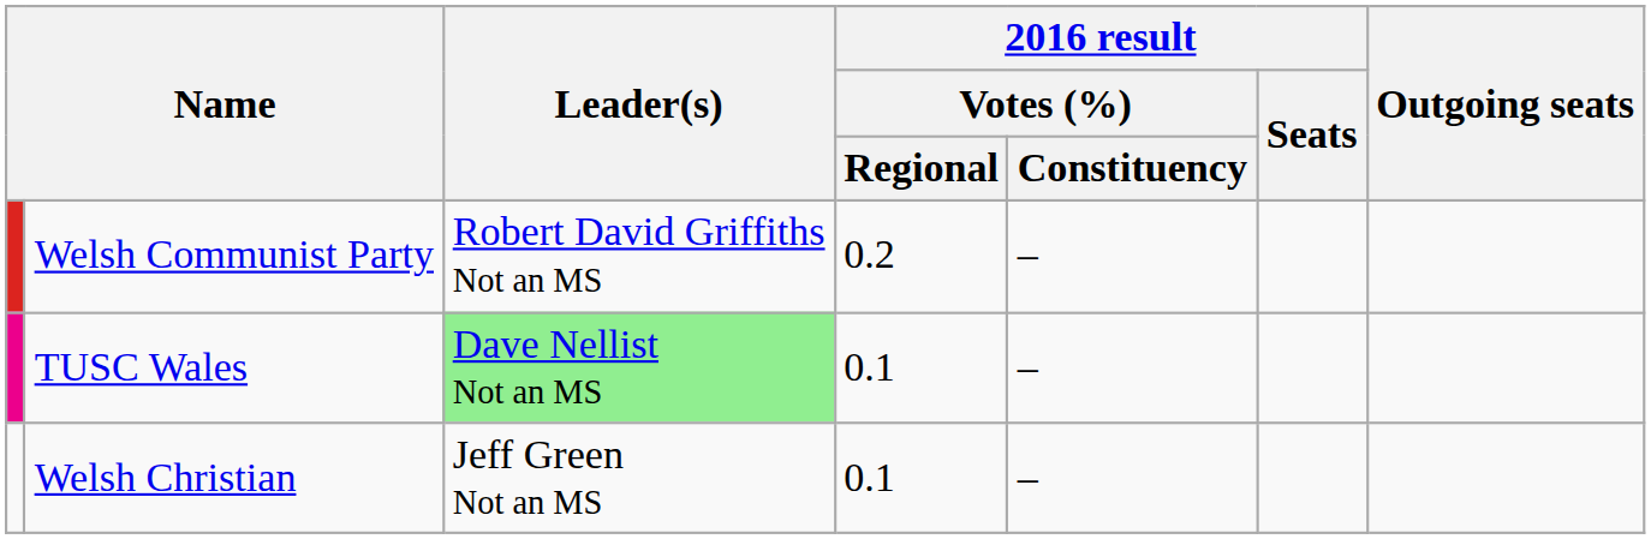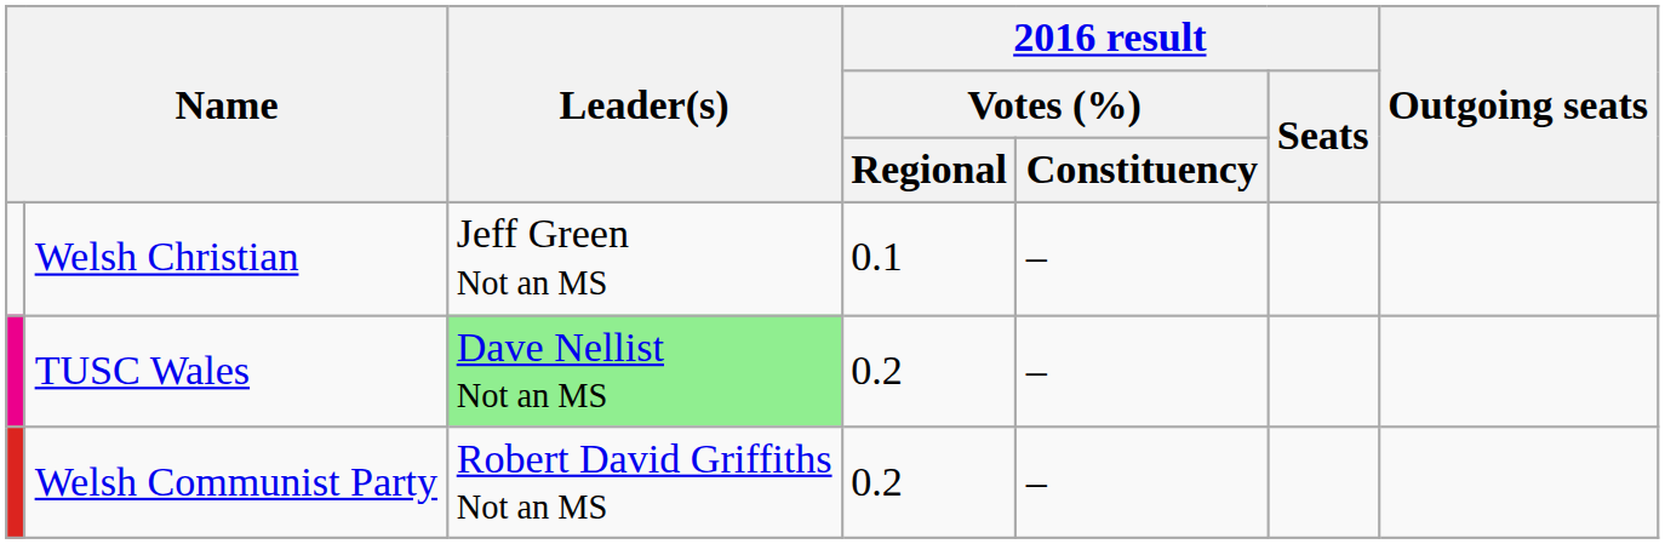 <table class="wikitable">
 <tr>
 <th colspan="2" rowspan="3">Name</th>
 <th rowspan="3">Leader(s)</th>
 <th colspan="3"><a href='#'>2016 result</a></th>
 <th rowspan="3">Outgoing seats</th>
 </tr>
 <tr>
 <th colspan="2">Votes (%)</th>
 <th rowspan="2">Seats</th>
 </tr>
 <tr>
 <th>Regional</th>
 <th>Constituency</th>
 </tr>
 <tr>
+<td style="background:"></td>
+<td><a href='#'>Welsh Christian</a></td>
+<td>Jeff Green<br><small>Not an MS</small></td>
+<td>0.1</td>
+<td>–</td>
+<td></td>
+<td></td>
+</tr>
+<tr>
+<td style="background:#EC008C"></td>
+<td><a href='#'>TUSC Wales</a></td>
+<td style="background: lightgreen;"><a href='#'>Dave Nellist</a><br><small>Not an MS</small></td>
+<td>0.2</td>
+<td>–</td>
+<td></td>
+<td></td>
+</tr>
+<tr>
 <td style="background:#dc241f "></td>
 <td><a href='#'>Welsh Communist Party</a></td>
 <td><a href='#'>Robert David Griffiths</a><br><small>Not an MS</small></td>
 <td>0.2</td>
 <td>–</td>
 <td></td>
 <td></td>
 </tr>
-<tr>
-<td style="background:#EC008C"></td>
-<td><a href='#'>TUSC Wales</a></td>
-<td style="background: lightgreen;"><a href='#'>Dave Nellist</a><br><small>Not an MS</small></td>
-<td>0.1</td>
-<td>–</td>
-<td></td>
-<td></td>
-</tr>
-<tr>
-<td style="background:"></td>
-<td><a href='#'>Welsh Christian</a></td>
-<td>Jeff Green<br><small>Not an MS</small></td>
-<td>0.1</td>
-<td>–</td>
-<td></td>
-<td></td>
-</tr>
 </table>
